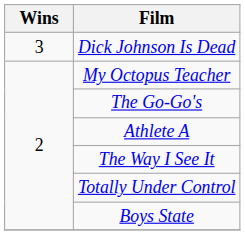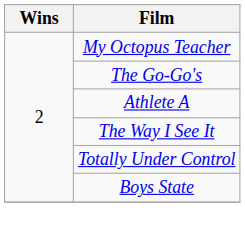 <table class="wikitable" rowspan="2" style="text-align:center;" background: #f6e39c;>
 <tr>
 <th scope="col" style="width:55px;">Wins</th>
 <th scope="col" style="text-align:center;">Film</th>
-</tr>
-<tr>
-<td rowspan=1 style="text-align:center">3</td>
-<td><em><a href='#'>Dick Johnson Is Dead</a></em></td>
 </tr>
 <tr>
 <td rowspan=6 style="text-align:center">2</td>
 <td><em><a href='#'>My Octopus Teacher</a></em></td>
 </tr>
 <tr>
 <td><em><a href='#'>The Go-Go's</a></em></td>
 </tr>
 <tr>
 <td><em><a href='#'>Athlete A</a></em></td>
 </tr>
 <tr>
 <td><em><a href='#'>The Way I See It</a></em></td>
 </tr>
 <tr>
 <td><em><a href='#'>Totally Under Control</a></em></td>
 </tr>
 <tr>
 <td><em><a href='#'>Boys State</a></em></td>
 </tr>
 <tr>
 </tr>
 </table>
